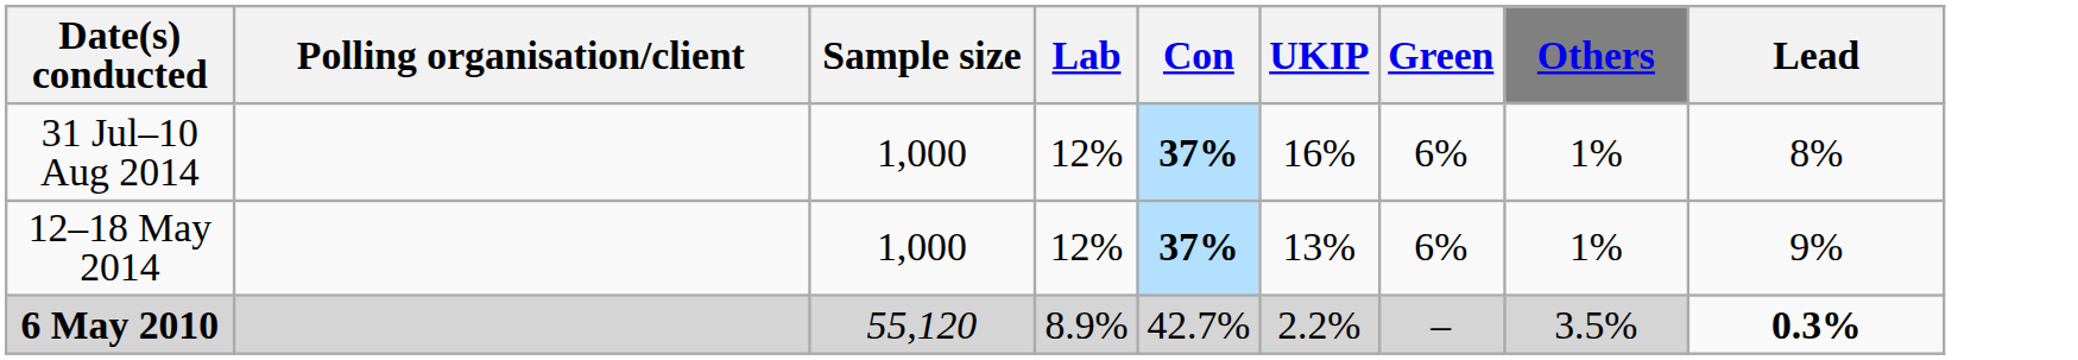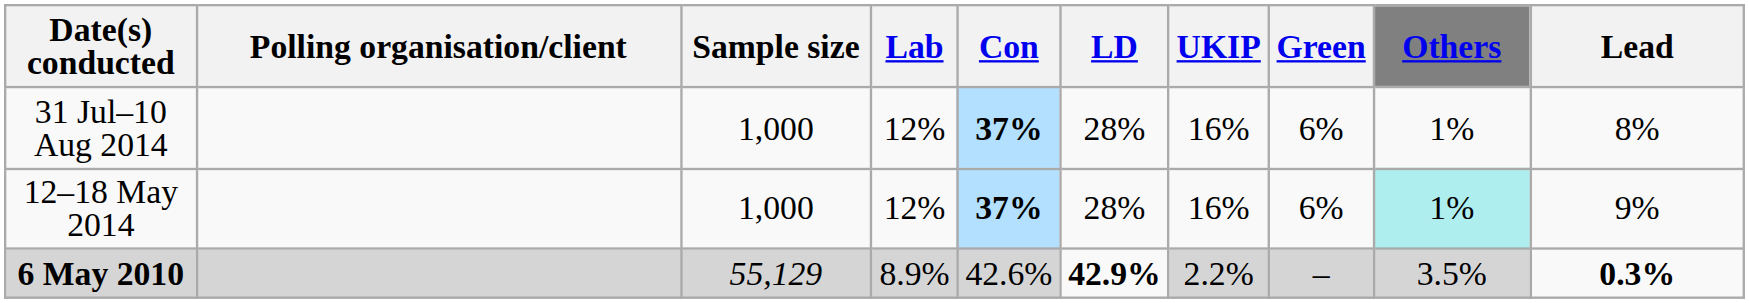 <table class="wikitable sortable" style="text-align:center;font-size:90%;line-height:14px">
 <tr>
 <th ! style="width:75px;">Date(s)<br>conducted</th>
 <th style="width:200px;">Polling organisation/client</th>
 <th class="unsortable" style="width:75px;">Sample size</th>
 <th class="unsortable" style="background:"><a href='#'><span>Lab</span></a></th>
 <th class="unsortable" style="background:"><a href='#'><span>Con</span></a></th>
+<th class="unsortable" style="background:"><a href='#'><span>LD</span></a></th>
 <th class="unsortable" style="background:"><a href='#'><span>UKIP</span></a></th>
 <th class="unsortable" style="background:"><a href='#'><span>Green</span></a></th>
 <th class="unsortable" style="background:gray; width:60px;"><a href='#'><span>Others</span></a></th>
 <th class="unsortable" style="width:85px;">Lead</th>
 </tr>
 <tr>
 <td>31 Jul–10 Aug 2014</td>
 <td></td>
 <td>1,000</td>
 <td>12%</td>
 <td style="background:#B3E0FF"><strong>37%</strong></td>
+<td>28%</td>
 <td>16%</td>
 <td>6%</td>
 <td>1%</td>
 <td style="background:">8%</td>
 </tr>
 <tr>
 <td>12–18 May 2014</td>
 <td></td>
 <td>1,000</td>
 <td>12%</td>
 <td style="background:#B3E0FF"><strong>37%</strong></td>
-<td>13%</td>
+<td>28%</td>
+<td>16%</td>
 <td>6%</td>
-<td>1%</td>
+<td style="background: paleturquoise;">1%</td>
 <td style="background:">9%</td>
 </tr>
 <tr>
 <td style="background:#D5D5D5"><strong>6 May 2010</strong></td>
 <td style="background:#D5D5D5"></td>
-<td style="background:#D5D5D5"><em>55,120</em></td>
+<td style="background:#D5D5D5"><em>55,129</em></td>
 <td style="background:#D5D5D5">8.9%</td>
-<td style="background:#D5D5D5">42.7%</td>
+<td style="background:#D5D5D5">42.6%</td>
+<td style="background:"><strong>42.9%</strong></td>
 <td style="background:#D5D5D5">2.2%</td>
 <td style="background:#D5D5D5">–</td>
 <td style="background:#D5D5D5">3.5%</td>
 <td style="background:"><strong>0.3% </strong></td>
 </tr>
 </table>
